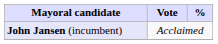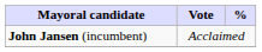 <table class="wikitable">
 <tr>
 <th style="background:#ddf;" width="200px">Mayoral candidate</th>
 <th style="background:#ddf;" width="50px">Vote</th>
 <th style="background:#ddf;" width="30px">%</th>
 </tr>
 <tr>
-<td style="background: lavender;"><strong>John Jansen</strong> (incumbent)</td>
+<td><strong>John Jansen</strong> (incumbent)</td>
 <td colspan=2 style="text-align: center;"><em>Acclaimed</em></td>
 </tr>
 <tr>
 </tr>
 </table>
